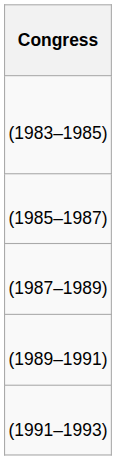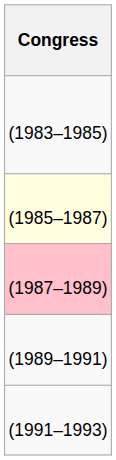 <table class="wikitable" style="float:left; margin:0; margin-right:-0.5px; margin-top:14px; text-align:center;">
 <tr style="white-space:nowrap; height:4.04em;">
 <th>Congress</th>
 </tr>
 <tr style="white-space:nowrap; height:5.64em;">
 <td><strong></strong><br>(1983–1985)</td>
 </tr>
 <tr style="white-space:nowrap; height:4.04em">
-<td><strong></strong><br>(1985–1987)</td>
+<td style="background: lightyellow;"><strong></strong><br>(1985–1987)</td>
 </tr>
 <tr style="white-space:nowrap; height:4.04em">
-<td><strong></strong><br>(1987–1989)</td>
+<td style="background: pink;"><strong></strong><br>(1987–1989)</td>
 </tr>
 <tr style="white-space:nowrap; height:4.04em">
 <td><strong></strong><br>(1989–1991)</td>
 </tr>
 <tr style="white-space:nowrap; height:4.04em">
 <td><strong></strong><br>(1991–1993)</td>
 </tr>
 </table>
